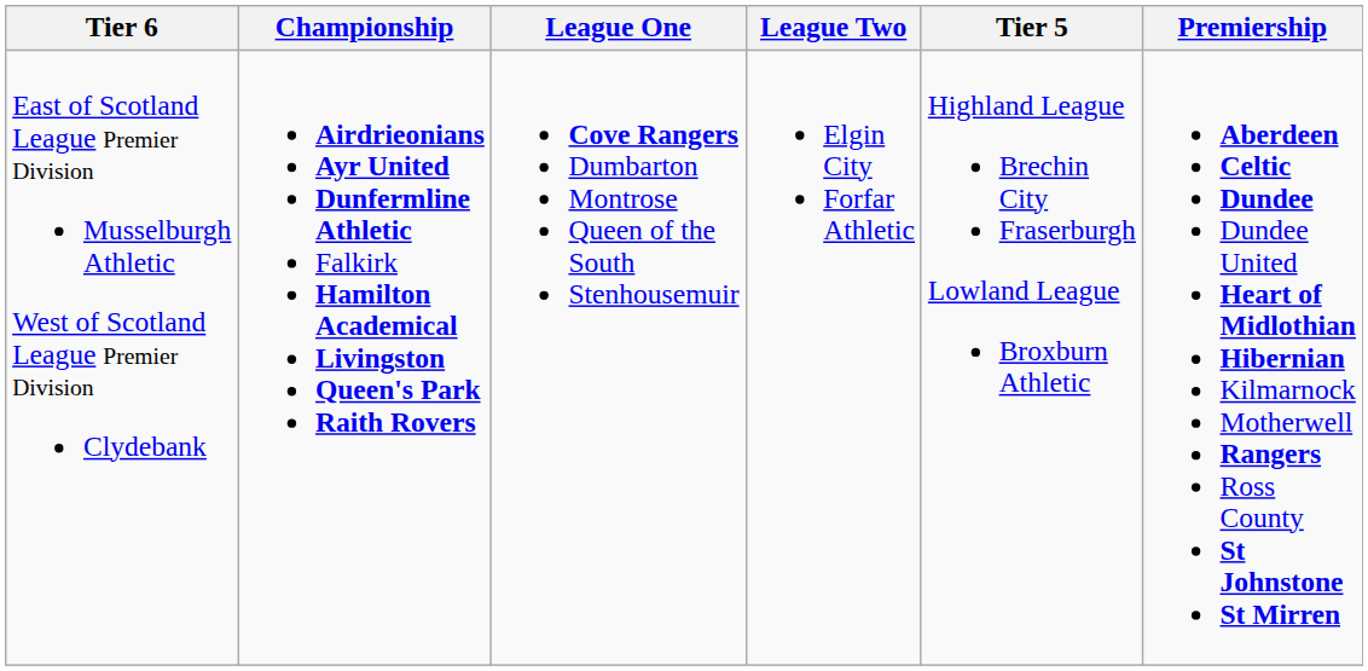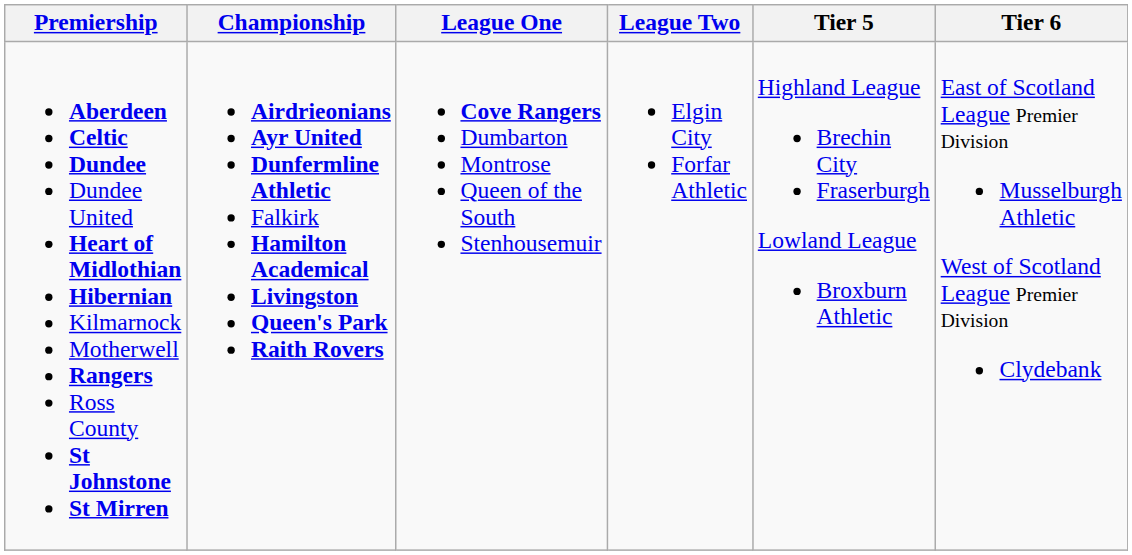 <table class="wikitable" style="text-align:left">
 <tr>
-<th>Tier 6</th>
+<th><a href='#'>Premiership</a></th>
 <th><a href='#'>Championship</a></th>
 <th><a href='#'>League One</a></th>
 <th><a href='#'>League Two</a></th>
 <th>Tier 5</th>
-<th><a href='#'>Premiership</a></th>
+<th>Tier 6</th>
 </tr>
 <tr>
-<td valign=top><br><a href='#'>East of Scotland League</a> <small>Premier Division</small><ul><li><a href='#'>Musselburgh Athletic</a></li></ul><a href='#'>West of Scotland League</a> <small>Premier Division</small><ul><li><a href='#'>Clydebank</a></li></ul></td>
+<td valign=top><br><ul><li><strong><a href='#'>Aberdeen</a></strong></li><li><strong><a href='#'>Celtic</a></strong></li><li><strong><a href='#'>Dundee</a></strong></li><li><a href='#'>Dundee United</a></li><li><strong><a href='#'>Heart of Midlothian</a></strong></li><li><strong><a href='#'>Hibernian</a></strong></li><li><a href='#'>Kilmarnock</a></li><li><a href='#'>Motherwell</a></li><li><strong><a href='#'>Rangers</a></strong></li><li><a href='#'>Ross County</a></li><li><strong><a href='#'>St Johnstone</a></strong></li><li><strong><a href='#'>St Mirren</a></strong></li></ul></td>
 <td valign=top><br><ul><li><strong><a href='#'>Airdrieonians</a></strong></li><li><strong><a href='#'>Ayr United</a></strong></li><li><strong><a href='#'>Dunfermline Athletic</a></strong></li><li><a href='#'>Falkirk</a></li><li><strong><a href='#'>Hamilton Academical</a></strong></li><li><strong><a href='#'>Livingston</a></strong></li><li><strong><a href='#'>Queen's Park</a></strong></li><li><strong><a href='#'>Raith Rovers</a></strong></li></ul></td>
 <td valign=top><br><ul><li><strong><a href='#'>Cove Rangers</a></strong></li><li><a href='#'>Dumbarton</a></li><li><a href='#'>Montrose</a></li><li><a href='#'>Queen of the South</a></li><li><a href='#'>Stenhousemuir</a></li></ul></td>
 <td valign=top><br><ul><li><a href='#'>Elgin City</a></li><li><a href='#'>Forfar Athletic</a></li></ul></td>
 <td valign=top><br><a href='#'>Highland League</a><ul><li><a href='#'>Brechin City</a></li><li><a href='#'>Fraserburgh</a></li></ul><a href='#'>Lowland League</a><ul><li><a href='#'>Broxburn Athletic</a></li></ul></td>
-<td valign=top><br><ul><li><strong><a href='#'>Aberdeen</a></strong></li><li><strong><a href='#'>Celtic</a></strong></li><li><strong><a href='#'>Dundee</a></strong></li><li><a href='#'>Dundee United</a></li><li><strong><a href='#'>Heart of Midlothian</a></strong></li><li><strong><a href='#'>Hibernian</a></strong></li><li><a href='#'>Kilmarnock</a></li><li><a href='#'>Motherwell</a></li><li><strong><a href='#'>Rangers</a></strong></li><li><a href='#'>Ross County</a></li><li><strong><a href='#'>St Johnstone</a></strong></li><li><strong><a href='#'>St Mirren</a></strong></li></ul></td>
+<td valign=top><br><a href='#'>East of Scotland League</a> <small>Premier Division</small><ul><li><a href='#'>Musselburgh Athletic</a></li></ul><a href='#'>West of Scotland League</a> <small>Premier Division</small><ul><li><a href='#'>Clydebank</a></li></ul></td>
 </tr>
 </table>
